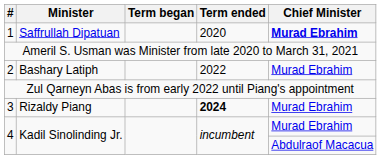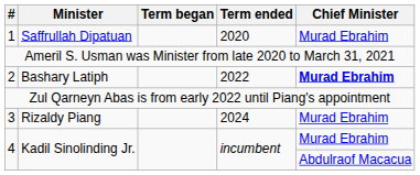 <table class="wikitable">
 <tr>
 <th>#</th>
 <th>Minister</th>
 <th>Term began</th>
 <th>Term ended</th>
 <th>Chief Minister</th>
 </tr>
 <tr>
 <td>1</td>
 <td><a href='#'>Saffrullah Dipatuan</a></td>
 <td></td>
 <td>2020</td>
-<td><strong><a href='#'>Murad Ebrahim</a></strong></td>
+<td><a href='#'>Murad Ebrahim</a></td>
 </tr>
 <tr>
 <td colspan=6 align=center>Ameril S. Usman was  Minister from late 2020 to March 31, 2021</td>
 </tr>
 <tr>
 <td>2</td>
 <td>Bashary Latiph</td>
 <td></td>
 <td>2022</td>
-<td><a href='#'>Murad Ebrahim</a></td>
+<td><strong><a href='#'>Murad Ebrahim</a></strong></td>
 </tr>
 <tr>
 <td colspan=6 align=center>Zul Qarneyn Abas is  from early 2022 until Piang's appointment</td>
 </tr>
 <tr>
 <td>3</td>
 <td>Rizaldy Piang</td>
 <td></td>
-<td><strong>2024</strong></td>
+<td>2024</td>
 <td><a href='#'>Murad Ebrahim</a></td>
 </tr>
 <tr>
 <td rowspan=2>4</td>
 <td rowspan=2>Kadil Sinolinding Jr.</td>
 <td rowspan=2></td>
 <td rowspan=2><em>incumbent</em></td>
 <td><a href='#'>Murad Ebrahim</a></td>
 </tr>
 <tr>
 <td><a href='#'>Abdulraof Macacua</a></td>
 </tr>
 </table>
